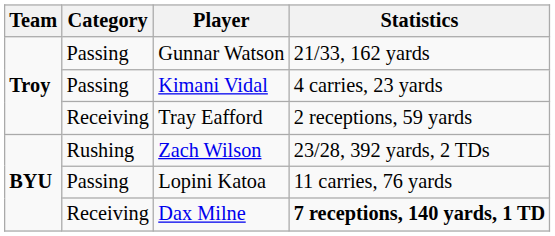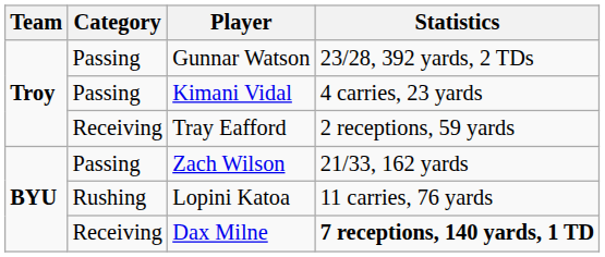 <table class="wikitable" style="float: left;">
 <tr>
 <th>Team</th>
 <th>Category</th>
 <th>Player</th>
 <th>Statistics</th>
 </tr>
 <tr>
 <td rowspan=3><strong>Troy</strong></td>
 <td>Passing</td>
 <td>Gunnar Watson</td>
-<td>21/33, 162 yards</td>
+<td>23/28, 392 yards, 2 TDs</td>
 </tr>
 <tr>
 <td>Passing</td>
 <td><a href='#'>Kimani Vidal</a></td>
 <td>4 carries, 23 yards</td>
 </tr>
 <tr>
 <td>Receiving</td>
 <td>Tray Eafford</td>
 <td>2 receptions, 59 yards</td>
 </tr>
 <tr>
 <td rowspan=3><strong>BYU</strong></td>
-<td>Rushing</td>
+<td>Passing</td>
 <td><a href='#'>Zach Wilson</a></td>
-<td>23/28, 392 yards, 2 TDs</td>
+<td>21/33, 162 yards</td>
 </tr>
 <tr>
-<td>Passing</td>
+<td>Rushing</td>
 <td>Lopini Katoa</td>
 <td>11 carries, 76 yards</td>
 </tr>
 <tr>
 <td>Receiving</td>
 <td><a href='#'>Dax Milne</a></td>
 <td><strong>7 receptions, 140 yards, 1 TD</strong></td>
 </tr>
 </table>
